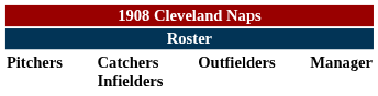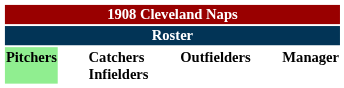 <table class="toccolours" style="font-size: 95%;">
 <tr>
 <th colspan="10" style="background-color: #990000; color: white; text-align: center;">1908 Cleveland Naps</th>
 </tr>
 <tr>
 <td colspan="10" style="background-color: #023456; color: white; text-align: center;"><strong>Roster</strong></td>
 </tr>
 <tr>
-<td valign="top"><strong>Pitchers</strong><br>            </td>
+<td valign="top" style="background: lightgreen;"><strong>Pitchers</strong><br>            </td>
 <td width="25px"></td>
 <td valign="top"><strong>Catchers</strong><br>    <strong>Infielders</strong>      </td>
 <td width="25px"></td>
 <td valign="top"><strong>Outfielders</strong><br>         </td>
 <td width="25px"></td>
 <td valign="top"><strong>Manager</strong><br></td>
 </tr>
 </table>
